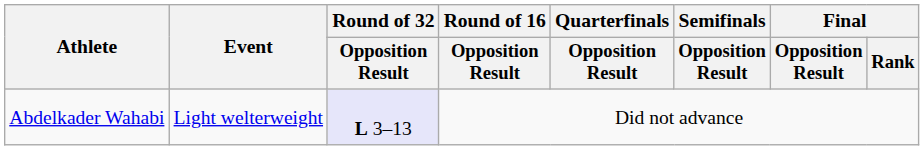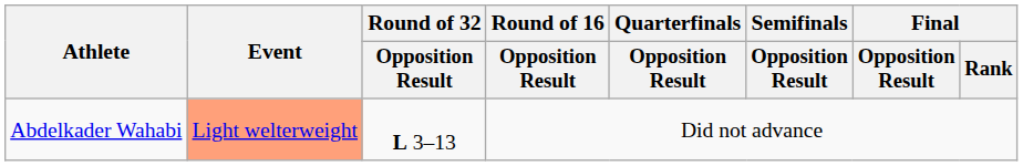 <table class="wikitable" style="font-size:90%">
 <tr>
 <th rowspan="2">Athlete</th>
 <th rowspan="2">Event</th>
 <th>Round of 32</th>
 <th>Round of 16</th>
 <th>Quarterfinals</th>
 <th>Semifinals</th>
 <th colspan=2>Final</th>
 </tr>
 <tr style="font-size:95%">
 <th>Opposition<br>Result</th>
 <th>Opposition<br>Result</th>
 <th>Opposition<br>Result</th>
 <th>Opposition<br>Result</th>
 <th>Opposition<br>Result</th>
 <th>Rank</th>
 </tr>
 <tr align=center>
 <td align=left><a href='#'>Abdelkader Wahabi</a></td>
-<td align=left><a href='#'>Light welterweight</a></td>
-<td style="background: lavender;"><br><strong>L</strong> 3–13</td>
+<td align=left style="background: lightsalmon;"><a href='#'>Light welterweight</a></td>
+<td><br><strong>L</strong> 3–13</td>
 <td colspan=5>Did not advance</td>
 </tr>
 </table>
